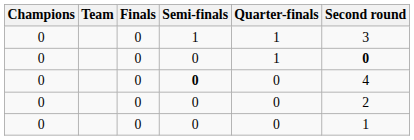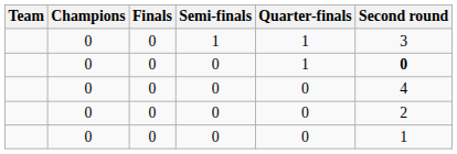 <table class="wikitable sortable" style="text-align:center">
 <tr>
+<th>Team</th>
 <th>Champions</th>
-<th>Team</th>
 <th>Finals</th>
 <th>Semi-finals</th>
 <th>Quarter-finals</th>
 <th>Second round</th>
 </tr>
 <tr>
+<td align=left></td>
 <td>0</td>
-<td align=left></td>
 <td>0</td>
 <td>1</td>
 <td>1</td>
 <td>3</td>
 </tr>
 <tr>
+<td align=left></td>
 <td>0</td>
-<td align=left></td>
 <td>0</td>
 <td>0</td>
 <td>1</td>
 <td><strong>0</strong></td>
 </tr>
 <tr>
-<td>0</td>
 <td align=left></td>
 <td>0</td>
-<td><strong>0</strong></td>
+<td>0</td>
+<td>0</td>
 <td>0</td>
 <td>4</td>
 </tr>
 <tr>
+<td align=left></td>
 <td>0</td>
-<td align=left></td>
 <td>0</td>
 <td>0</td>
 <td>0</td>
 <td>2</td>
 </tr>
 <tr>
+<td align=left></td>
 <td>0</td>
-<td align=left></td>
 <td>0</td>
 <td>0</td>
 <td>0</td>
 <td>1</td>
 </tr>
 </table>
